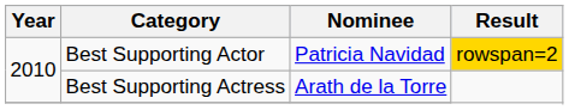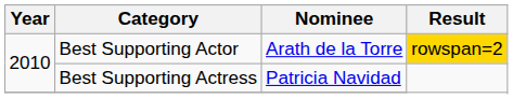 <table class="wikitable">
 <tr style="background:#b0c4de;">
 <th>Year</th>
 <th>Category</th>
 <th>Nominee</th>
 <th>Result</th>
 </tr>
 <tr>
 <td rowspan=2>2010</td>
 <td>Best Supporting Actor</td>
-<td><a href='#'>Patricia Navidad</a></td>
+<td><a href='#'>Arath de la Torre</a></td>
 <td style="background: gold;">rowspan=2 </td>
 </tr>
 <tr>
 <td>Best Supporting Actress</td>
-<td><a href='#'>Arath de la Torre</a></td>
+<td><a href='#'>Patricia Navidad</a></td>
 </tr>
 <tr>
 </tr>
 </table>
